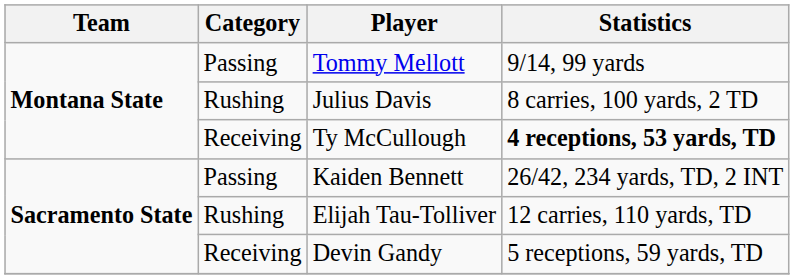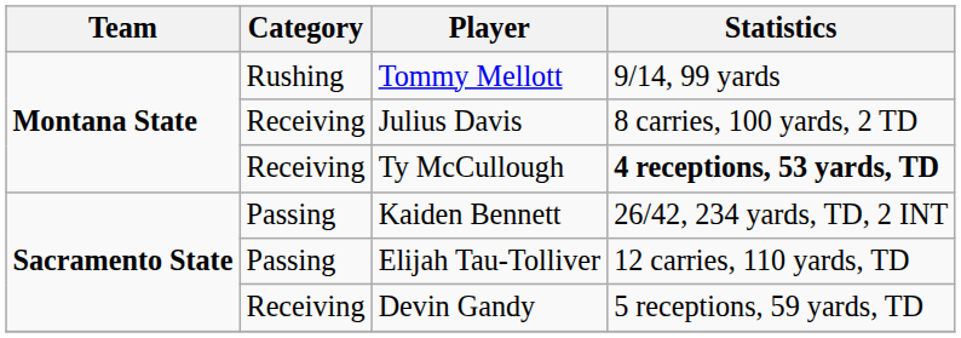 <table class="wikitable" style="float: right;">
 <tr>
 <th>Team</th>
 <th>Category</th>
 <th>Player</th>
 <th>Statistics</th>
 </tr>
 <tr>
 <td rowspan=3><strong>Montana State</strong></td>
-<td>Passing</td>
+<td>Rushing</td>
 <td><a href='#'>Tommy Mellott</a></td>
 <td>9/14, 99 yards</td>
 </tr>
 <tr>
-<td>Rushing</td>
+<td>Receiving</td>
 <td>Julius Davis</td>
 <td>8 carries, 100 yards, 2 TD</td>
 </tr>
 <tr>
 <td>Receiving</td>
 <td>Ty McCullough</td>
 <td><strong>4 receptions, 53 yards, TD</strong></td>
 </tr>
 <tr>
 <td rowspan=3><strong>Sacramento State</strong></td>
 <td>Passing</td>
 <td>Kaiden Bennett</td>
 <td>26/42, 234 yards, TD, 2 INT</td>
 </tr>
 <tr>
-<td>Rushing</td>
+<td>Passing</td>
 <td>Elijah Tau-Tolliver</td>
 <td>12 carries, 110 yards, TD</td>
 </tr>
 <tr>
 <td>Receiving</td>
 <td>Devin Gandy</td>
 <td>5 receptions, 59 yards, TD</td>
 </tr>
 <tr>
 </tr>
 </table>
